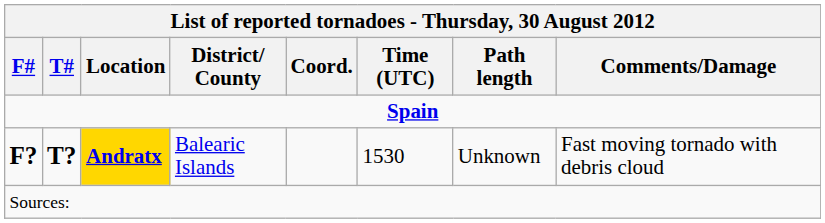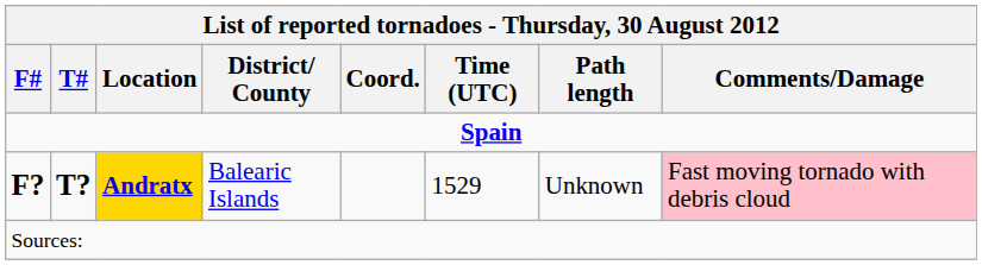 <table class="wikitable collapsible" width="100%">
 <tr>
 <th colspan="8">List of reported tornadoes - Thursday, 30 August 2012</th>
 </tr>
 <tr>
 <th><a href='#'>F#</a></th>
 <th><a href='#'>T#</a></th>
 <th>Location</th>
 <th>District/<br>County</th>
 <th>Coord.</th>
 <th>Time (UTC)</th>
 <th>Path length</th>
 <th>Comments/Damage</th>
 </tr>
 <tr>
 <td colspan="8" align=center><strong><a href='#'>Spain</a></strong></td>
 </tr>
 <tr>
 <td><big><strong>F?</strong></big></td>
 <td><big><strong>T?</strong></big></td>
 <td style="background: gold;"><strong><a href='#'>Andratx</a></strong></td>
 <td><a href='#'>Balearic Islands</a></td>
 <td></td>
-<td>1530</td>
+<td>1529</td>
 <td>Unknown</td>
-<td>Fast moving tornado with debris cloud</td>
+<td style="background: pink;">Fast moving tornado with debris cloud</td>
 </tr>
 <tr>
 <td colspan="8"><small>Sources:  </small></td>
 </tr>
 </table>
